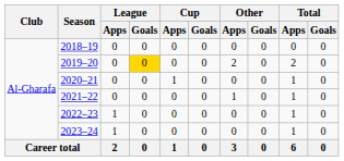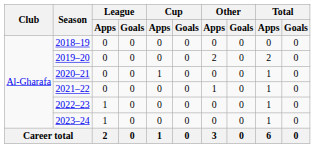 <table class="wikitable" style="text-align: center">
 <tr>
 <th rowspan="2">Club</th>
 <th rowspan="2">Season</th>
 <th colspan="2">League</th>
 <th colspan="2">Cup</th>
 <th colspan="2">Other</th>
 <th colspan="2">Total</th>
 </tr>
 <tr>
 <th>Apps</th>
 <th>Goals</th>
 <th>Apps</th>
 <th>Goals</th>
 <th>Apps</th>
 <th>Goals</th>
 <th>Apps</th>
 <th>Goals</th>
 </tr>
 <tr>
 <td rowspan="6" valign="center"><a href='#'>Al-Gharafa</a></td>
 <td><a href='#'>2018–19</a></td>
 <td>0</td>
 <td>0</td>
 <td>0</td>
 <td>0</td>
 <td>0</td>
 <td>0</td>
 <td>0</td>
 <td>0</td>
 </tr>
 <tr>
 <td><a href='#'>2019–20</a></td>
 <td>0</td>
-<td style="background: gold;">0</td>
+<td>0</td>
 <td>0</td>
 <td>0</td>
 <td>2</td>
 <td>0</td>
 <td>2</td>
 <td>0</td>
 </tr>
 <tr>
 <td><a href='#'>2020–21</a></td>
 <td>0</td>
 <td>0</td>
 <td>1</td>
 <td>0</td>
 <td>0</td>
 <td>0</td>
 <td>1</td>
 <td>0</td>
 </tr>
 <tr>
 <td><a href='#'>2021–22</a></td>
 <td>0</td>
 <td>0</td>
 <td>0</td>
 <td>0</td>
 <td>1</td>
 <td>0</td>
 <td>1</td>
 <td>0</td>
 </tr>
 <tr>
 <td><a href='#'>2022–23</a></td>
 <td>1</td>
 <td>0</td>
 <td>0</td>
 <td>0</td>
 <td>0</td>
 <td>0</td>
 <td>1</td>
 <td>0</td>
 </tr>
 <tr>
 <td><a href='#'>2023–24</a></td>
 <td>1</td>
 <td>0</td>
 <td>0</td>
 <td>0</td>
 <td>0</td>
 <td>0</td>
 <td>1</td>
 <td>0</td>
 </tr>
 <tr>
 <th colspan="2"><strong>Career total</strong></th>
 <th>2</th>
 <th>0</th>
 <th>1</th>
 <th>0</th>
 <th>3</th>
 <th>0</th>
 <th>6</th>
 <th>0</th>
 </tr>
 </table>
